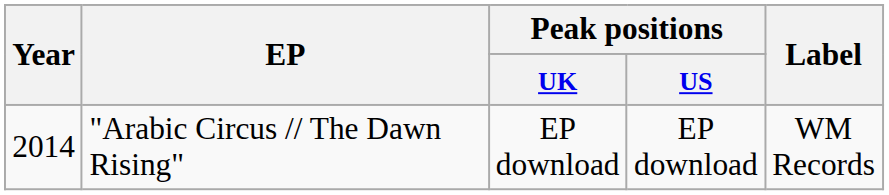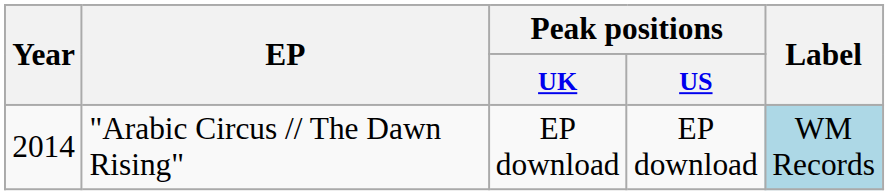 <table class="wikitable">
 <tr>
 <th rowspan="2" style="text-align:center; width:10px;">Year</th>
 <th rowspan="2" style="text-align:center; width:200px;">EP</th>
 <th style="text-align:center;" colspan="2">Peak positions</th>
 <th rowspan="2" style="text-align:center; width:40px;">Label</th>
 </tr>
 <tr>
 <th width="20"><small><a href='#'>UK</a></small></th>
 <th width="20"><small><a href='#'>US</a></small></th>
 </tr>
 <tr>
 <td style="text-align:center;" rowspan="3">2014</td>
 <td>"Arabic Circus // The Dawn Rising"</td>
 <td style="text-align:center;">EP download</td>
 <td style="text-align:center;">EP download</td>
-<td style="text-align:center;">WM Records</td>
+<td style="background: lightblue; text-align:center;">WM Records</td>
 </tr>
 </table>
